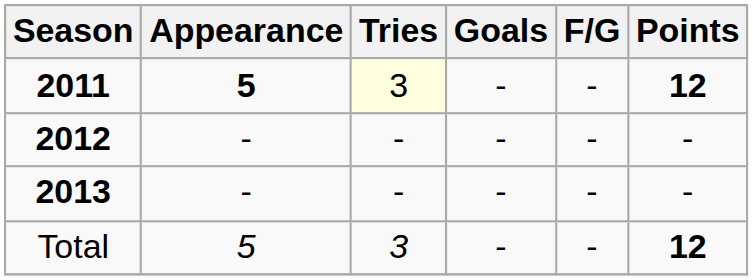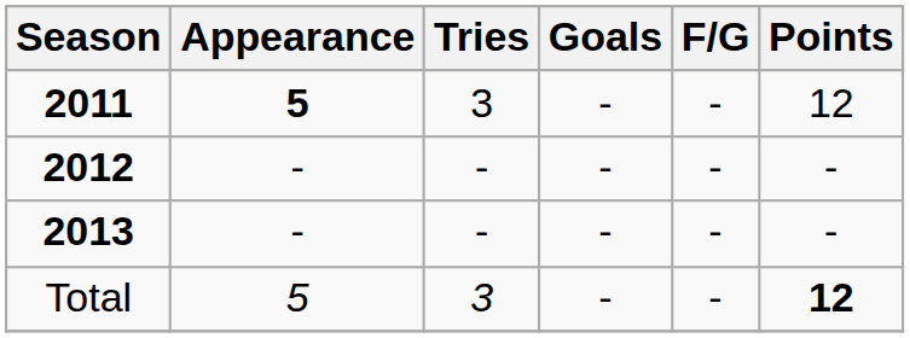 <table class="wikitable" style="text-align:center;">
 <tr bgcolor=#bdb76b>
 <th>Season</th>
 <th>Appearance</th>
 <th>Tries</th>
 <th>Goals</th>
 <th>F/G</th>
 <th>Points</th>
 </tr>
 <tr>
 <td><strong>2011</strong></td>
 <td><strong>5</strong></td>
-<td style="background: lightyellow;">3</td>
+<td>3</td>
 <td>-</td>
 <td>-</td>
-<td><strong>12</strong></td>
+<td>12</td>
 </tr>
 <tr>
 <td><strong>2012</strong></td>
 <td>-</td>
 <td>-</td>
 <td>-</td>
 <td>-</td>
 <td>-</td>
 </tr>
 <tr>
 <td><strong>2013</strong></td>
 <td>-</td>
 <td>-</td>
 <td>-</td>
 <td>-</td>
 <td>-</td>
 </tr>
 <tr>
 <td>Total</td>
 <td><em>5</em></td>
 <td><em>3</em></td>
 <td>-</td>
 <td>-</td>
 <td><strong>12</strong></td>
 </tr>
 <tr>
 </tr>
 </table>
